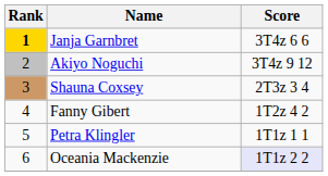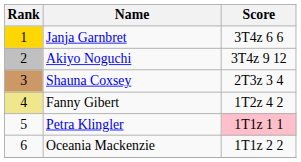 <table class="wikitable">
 <tr>
 <th>Rank</th>
 <th width = "200">Name</th>
 <th width = "80">Score</th>
 </tr>
 <tr>
-<td align="center" style="background: gold"><strong>1</strong></td>
+<td align="center" style="background: gold">1</td>
 <td> <a href='#'>Janja Garnbret</a></td>
 <td align="center">3T4z 6 6</td>
 </tr>
 <tr>
 <td align="center" style="background: silver">2</td>
 <td> <a href='#'>Akiyo Noguchi</a></td>
 <td align="center">3T4z 9 12</td>
 </tr>
 <tr>
 <td align="center" style="background: #cc9966">3</td>
 <td> <a href='#'>Shauna Coxsey</a></td>
 <td align="center">2T3z 3 4</td>
 </tr>
 <tr>
-<td align="center">4</td>
+<td align="center" style="background: khaki;">4</td>
 <td> Fanny Gibert</td>
 <td align="center">1T2z 4 2</td>
 </tr>
 <tr>
 <td align="center">5</td>
 <td> <a href='#'>Petra Klingler</a></td>
-<td align="center">1T1z 1 1</td>
+<td align="center" style="background: pink;">1T1z 1 1</td>
 </tr>
 <tr>
 <td align="center">6</td>
 <td> Oceania Mackenzie</td>
-<td align="center" style="background: lavender;">1T1z 2 2</td>
+<td align="center">1T1z 2 2</td>
 </tr>
 <tr>
 </tr>
 </table>
